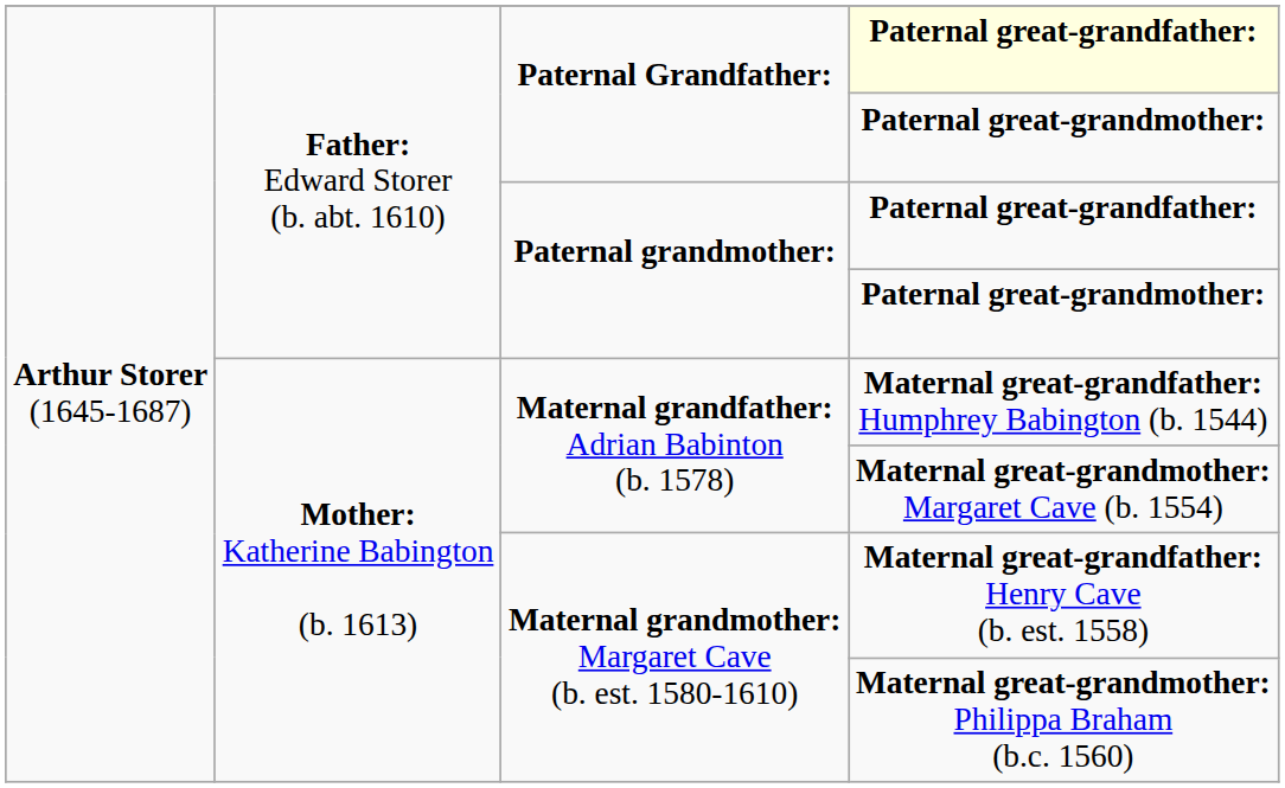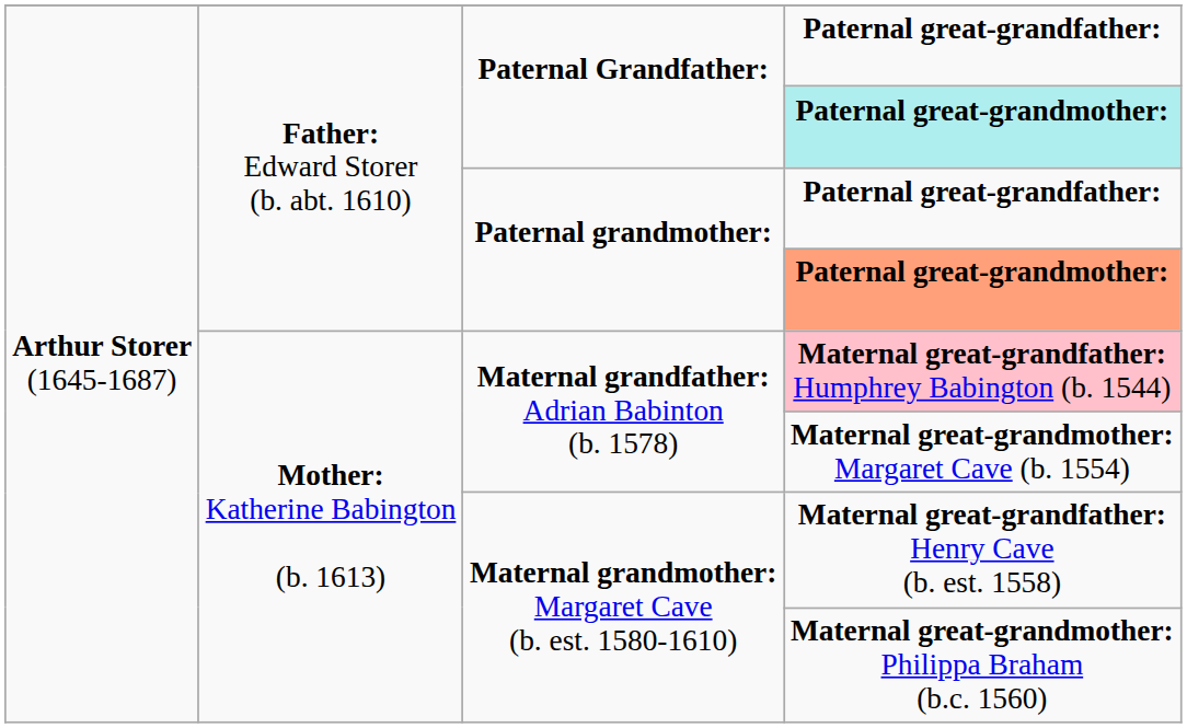 <table class="wikitable">
 <tr>
 </tr>
 <tr>
 <td rowspan="8" align="center"><strong>Arthur Storer</strong><br> (1645-1687)</td>
 <td rowspan="4" align="center"><strong>Father:</strong> <br> Edward Storer <br> (b. abt. 1610)</td>
 <td rowspan="2" align="center"><strong>Paternal Grandfather:</strong> <br> <br></td>
-<td align="center" style="background: lightyellow;"><strong>Paternal great-grandfather:</strong><br><br></td>
+<td align="center"><strong>Paternal great-grandfather:</strong><br><br></td>
 </tr>
 <tr>
-<td align="center"><strong>Paternal great-grandmother:</strong><br><br></td>
+<td align="center" style="background: paleturquoise;"><strong>Paternal great-grandmother:</strong><br><br></td>
 </tr>
 <tr>
 <td rowspan="2" align="center"><strong>Paternal grandmother:</strong><br><br></td>
 <td align="center"><strong>Paternal great-grandfather:</strong><br><br></td>
 </tr>
 <tr>
-<td align="center"><strong>Paternal great-grandmother:</strong><br><br></td>
+<td align="center" style="background: lightsalmon;"><strong>Paternal great-grandmother:</strong><br><br></td>
 </tr>
 <tr>
 <td rowspan="4" align="center"><strong>Mother:</strong><br><a href='#'>Katherine Babington</a><br><br>(b. 1613)</td>
 <td rowspan="2" align="center"><strong>Maternal grandfather:</strong><br><a href='#'>Adrian Babinton</a><br>(b. 1578)</td>
-<td align="center"><strong>Maternal great-grandfather:</strong><br><a href='#'>Humphrey Babington</a> (b. 1544)</td>
+<td align="center" style="background: pink;"><strong>Maternal great-grandfather:</strong><br><a href='#'>Humphrey Babington</a> (b. 1544)</td>
 </tr>
 <tr>
 <td align="center"><strong>Maternal great-grandmother:</strong><br><a href='#'>Margaret Cave</a> (b. 1554)</td>
 </tr>
 <tr>
 <td rowspan="2" align="center"><strong>Maternal grandmother:</strong><br><a href='#'>Margaret Cave</a> <br> (b. est. 1580-1610)</td>
 <td align="center"><strong>Maternal great-grandfather:</strong><br><a href='#'>Henry Cave</a> <br> (b. est. 1558)</td>
 </tr>
 <tr>
 <td align="center"><strong>Maternal great-grandmother:</strong><br><a href='#'>Philippa Braham</a> <br> (b.c. 1560)</td>
 </tr>
 </table>
